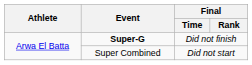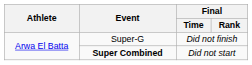 <table class="wikitable" style="font-size:90%; text-align:center; width:400px">
 <tr>
 <th rowspan="2">Athlete</th>
 <th rowspan="2">Event</th>
 <th colspan="2">Final</th>
 </tr>
 <tr>
 <th>Time</th>
 <th>Rank</th>
 </tr>
 <tr>
 <td rowspan=2><a href='#'>Arwa El Batta</a></td>
-<td><strong>Super-G</strong></td>
+<td>Super-G</td>
 <td colspan=2><em>Did not finish</em></td>
 </tr>
 <tr>
-<td>Super Combined</td>
+<td><strong>Super Combined</strong></td>
 <td colspan=2><em>Did not start</em></td>
 </tr>
 </table>
